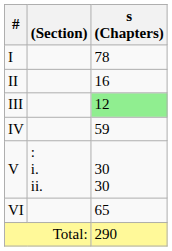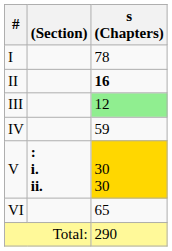 <table class="wikitable">
 <tr>
 <th style="align:center">#</th>
 <th><br>(Section)</th>
 <th>s<br>(Chapters)</th>
 </tr>
 <tr>
 <td>I</td>
 <td></td>
 <td>78</td>
 </tr>
 <tr>
 <td>II</td>
 <td></td>
-<td>16</td>
+<td><strong>16</strong></td>
 </tr>
 <tr>
 <td>III</td>
 <td></td>
 <td style="background: lightgreen;">12</td>
 </tr>
 <tr>
 <td>IV</td>
 <td></td>
 <td>59</td>
 </tr>
 <tr>
 <td>V</td>
-<td>:<br>i. <br>ii. </td>
-<td><br>30<br>30</td>
+<td><strong>:<br>i. <br>ii. </strong></td>
+<td style="background: gold;"><br>30<br>30</td>
 </tr>
 <tr>
 <td>VI</td>
 <td></td>
 <td>65</td>
 </tr>
 <tr>
 <td colspan="2" align="right" bgcolor="fff999">Total:</td>
 <td bgcolor="fff999">290</td>
 </tr>
 </table>
